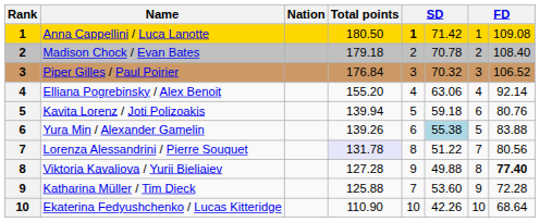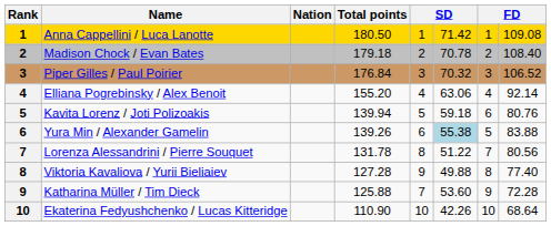 <table class="wikitable sortable">
 <tr>
 <th>Rank</th>
 <th>Name</th>
 <th>Nation</th>
 <th>Total points</th>
 <th colspan="2" width="80px"><a href='#'>SD</a></th>
 <th colspan="2" width="80px"><a href='#'>FD</a></th>
 </tr>
 <tr bgcolor="gold">
 <td align="center"><strong>1</strong></td>
 <td><a href='#'>Anna Cappellini</a> / <a href='#'>Luca Lanotte</a></td>
 <td></td>
 <td align="center">180.50</td>
-<td align="center"><strong>1</strong></td>
+<td align="center">1</td>
 <td align="center">71.42</td>
 <td align="center">1</td>
 <td align="center">109.08</td>
 </tr>
 <tr bgcolor="silver">
 <td align="center"><strong>2</strong></td>
 <td><a href='#'>Madison Chock</a> / <a href='#'>Evan Bates</a></td>
 <td></td>
 <td align="center">179.18</td>
 <td align="center">2</td>
 <td align="center">70.78</td>
 <td align="center">2</td>
 <td align="center">108.40</td>
 </tr>
 <tr bgcolor="cc9966">
 <td align="center"><strong>3</strong></td>
 <td><a href='#'>Piper Gilles</a> / <a href='#'>Paul Poirier</a></td>
 <td></td>
 <td align="center">176.84</td>
 <td align="center">3</td>
 <td align="center">70.32</td>
 <td align="center">3</td>
 <td align="center">106.52</td>
 </tr>
 <tr>
 <th>4</th>
 <td><a href='#'>Elliana Pogrebinsky</a> / <a href='#'>Alex Benoit</a></td>
 <td></td>
 <td align="center">155.20</td>
 <td align="center">4</td>
 <td align="center">63.06</td>
 <td align="center">4</td>
 <td align="center">92.14</td>
 </tr>
 <tr>
 <th>5</th>
 <td><a href='#'>Kavita Lorenz</a> / <a href='#'>Joti Polizoakis</a></td>
 <td></td>
 <td align="center">139.94</td>
 <td align="center">5</td>
 <td align="center">59.18</td>
 <td align="center">6</td>
 <td align="center">80.76</td>
 </tr>
 <tr>
 <th>6</th>
 <td><a href='#'>Yura Min</a> / <a href='#'>Alexander Gamelin</a></td>
 <td></td>
 <td align="center">139.26</td>
 <td align="center">6</td>
 <td align="center" style="background: lightblue;">55.38</td>
 <td align="center">5</td>
 <td align="center">83.88</td>
 </tr>
 <tr>
 <th>7</th>
 <td><a href='#'>Lorenza Alessandrini</a> / <a href='#'>Pierre Souquet</a></td>
 <td></td>
-<td align="center" style="background: lavender;">131.78</td>
+<td align="center">131.78</td>
 <td align="center">8</td>
 <td align="center">51.22</td>
 <td align="center">7</td>
 <td align="center">80.56</td>
 </tr>
 <tr>
 <th>8</th>
 <td><a href='#'>Viktoria Kavaliova</a> / <a href='#'>Yurii Bieliaiev</a></td>
 <td></td>
 <td align="center">127.28</td>
 <td align="center">9</td>
 <td align="center">49.88</td>
 <td align="center">8</td>
-<td align="center"><strong>77.40</strong></td>
+<td align="center">77.40</td>
 </tr>
 <tr>
 <th>9</th>
 <td><a href='#'>Katharina Müller</a> / <a href='#'>Tim Dieck</a></td>
 <td></td>
 <td align="center">125.88</td>
 <td align="center">7</td>
 <td align="center">53.60</td>
 <td align="center">9</td>
 <td align="center">72.28</td>
 </tr>
 <tr>
 <th>10</th>
 <td><a href='#'>Ekaterina Fedyushchenko</a> / <a href='#'>Lucas Kitteridge</a></td>
 <td></td>
 <td align="center">110.90</td>
 <td align="center">10</td>
 <td align="center">42.26</td>
 <td align="center">10</td>
 <td align="center">68.64</td>
 </tr>
 </table>
